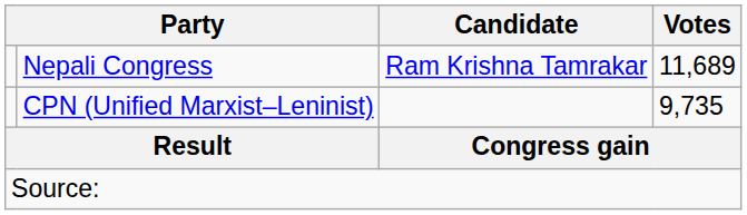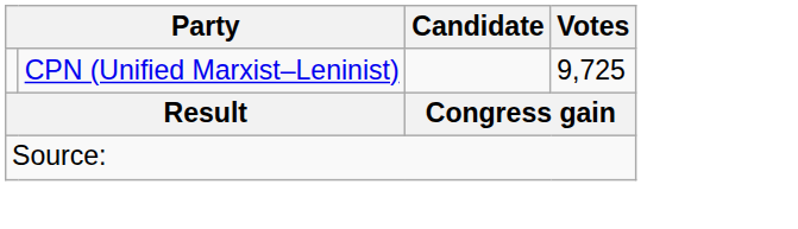 <table class="wikitable">
 <tr>
 <th colspan="2">Party</th>
 <th>Candidate</th>
 <th>Votes</th>
 </tr>
 <tr>
 <td style="background-color:"></td>
-<td><a href='#'>Nepali Congress</a></td>
-<td><a href='#'>Ram Krishna Tamrakar</a></td>
-<td>11,689</td>
-</tr>
-<tr>
-<td style="background-color:"></td>
 <td><a href='#'>CPN (Unified Marxist–Leninist)</a></td>
 <td></td>
-<td>9,735</td>
+<td>9,725</td>
 </tr>
 <tr>
 <th colspan="2">Result</th>
 <th colspan="2">Congress gain</th>
 </tr>
 <tr>
 <td colspan="4">Source: </td>
 </tr>
 </table>
